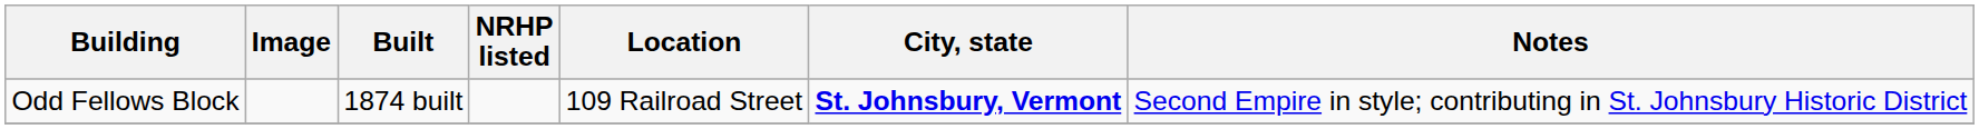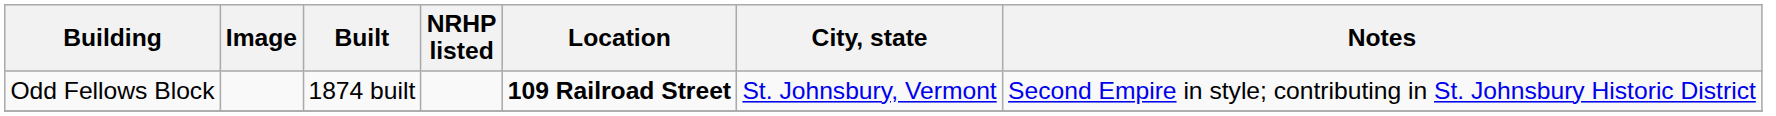 <table class="wikitable sortable">
 <tr>
 <th>Building<br></th>
 <th class="unsortable">Image</th>
 <th>Built</th>
 <th>NRHP<br>listed</th>
 <th>Location</th>
 <th>City, state</th>
 <th class="unsortable">Notes</th>
 </tr>
 <tr>
 <td>Odd Fellows Block</td>
 <td></td>
 <td>1874 built</td>
 <td></td>
-<td>109 Railroad Street</td>
-<td><strong><a href='#'>St. Johnsbury, Vermont</a></strong></td>
+<td><strong>109 Railroad Street</strong></td>
+<td><a href='#'>St. Johnsbury, Vermont</a></td>
 <td><a href='#'>Second Empire</a> in style; contributing in <a href='#'>St. Johnsbury Historic District</a></td>
 </tr>
 <tr>
 </tr>
 </table>
